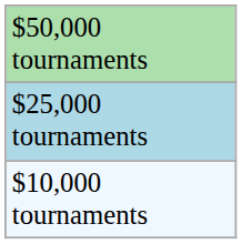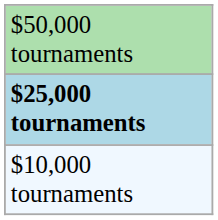 <table class="wikitable" style="font-size:85%;" width=13%>
 <tr style="background:#addfad;">
 <td>$50,000 tournaments</td>
 </tr>
 <tr style="background:lightblue;">
-<td>$25,000 tournaments</td>
+<td><strong>$25,000 tournaments</strong></td>
 </tr>
 <tr style="background:#f0f8ff;">
 <td>$10,000 tournaments</td>
 </tr>
 </table>
